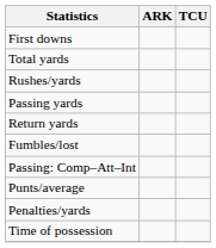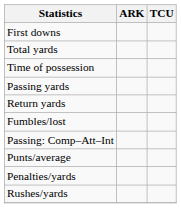 <table class="wikitable" style="float: left;">
 <tr>
 <th>Statistics</th>
 <th>ARK</th>
 <th>TCU</th>
 </tr>
 <tr>
 <td>First downs</td>
 <td></td>
 <td></td>
 </tr>
 <tr>
 <td>Total yards</td>
 <td></td>
 <td></td>
 </tr>
 <tr>
-<td>Rushes/yards</td>
+<td>Time of possession</td>
 <td></td>
 <td></td>
 </tr>
 <tr>
 <td>Passing yards</td>
 <td></td>
 <td></td>
 </tr>
 <tr>
 <td>Return yards</td>
 <td></td>
 <td></td>
 </tr>
 <tr>
 <td>Fumbles/lost</td>
 <td></td>
 <td></td>
 </tr>
 <tr>
 <td>Passing: Comp–Att–Int</td>
 <td></td>
 <td></td>
 </tr>
 <tr>
 <td>Punts/average</td>
 <td></td>
 <td></td>
 </tr>
 <tr>
 <td>Penalties/yards</td>
 <td></td>
 <td></td>
 </tr>
 <tr>
-<td>Time of possession</td>
+<td>Rushes/yards</td>
 <td></td>
 <td></td>
 </tr>
 <tr>
 </tr>
 </table>
